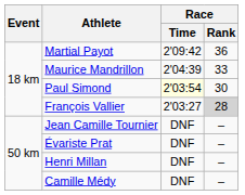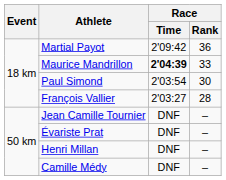 <table class="wikitable" border="1" style="font-size:90%">
 <tr>
 <th rowspan=2>Event</th>
 <th rowspan=2>Athlete</th>
 <th colspan=2>Race</th>
 </tr>
 <tr>
 <th>Time</th>
 <th>Rank</th>
 </tr>
 <tr>
 <td rowspan=4>18 km</td>
 <td><a href='#'>Martial Payot</a></td>
 <td align=center>2'09:42</td>
 <td align=center>36</td>
 </tr>
 <tr>
 <td><a href='#'>Maurice Mandrillon</a></td>
-<td align=center>2'04:39</td>
+<td align=center><strong>2'04:39</strong></td>
 <td align=center>33</td>
 </tr>
 <tr>
 <td><a href='#'>Paul Simond</a></td>
-<td align=center style="background: lightyellow;">2'03:54</td>
+<td align=center>2'03:54</td>
 <td align=center>30</td>
 </tr>
 <tr>
 <td><a href='#'>François Vallier</a></td>
 <td align=center>2'03:27</td>
-<td align=center style="background: lightgrey;">28</td>
+<td align=center>28</td>
 </tr>
 <tr>
 <td rowspan=4>50 km</td>
 <td><a href='#'>Jean Camille Tournier</a></td>
 <td align=center>DNF</td>
 <td align=center>–</td>
 </tr>
 <tr>
 <td><a href='#'>Évariste Prat</a></td>
 <td align=center>DNF</td>
 <td align=center>–</td>
 </tr>
 <tr>
 <td><a href='#'>Henri Millan</a></td>
 <td align=center>DNF</td>
 <td align=center>–</td>
 </tr>
 <tr>
 <td><a href='#'>Camille Médy</a></td>
 <td align=center>DNF</td>
 <td align=center>–</td>
 </tr>
 </table>
